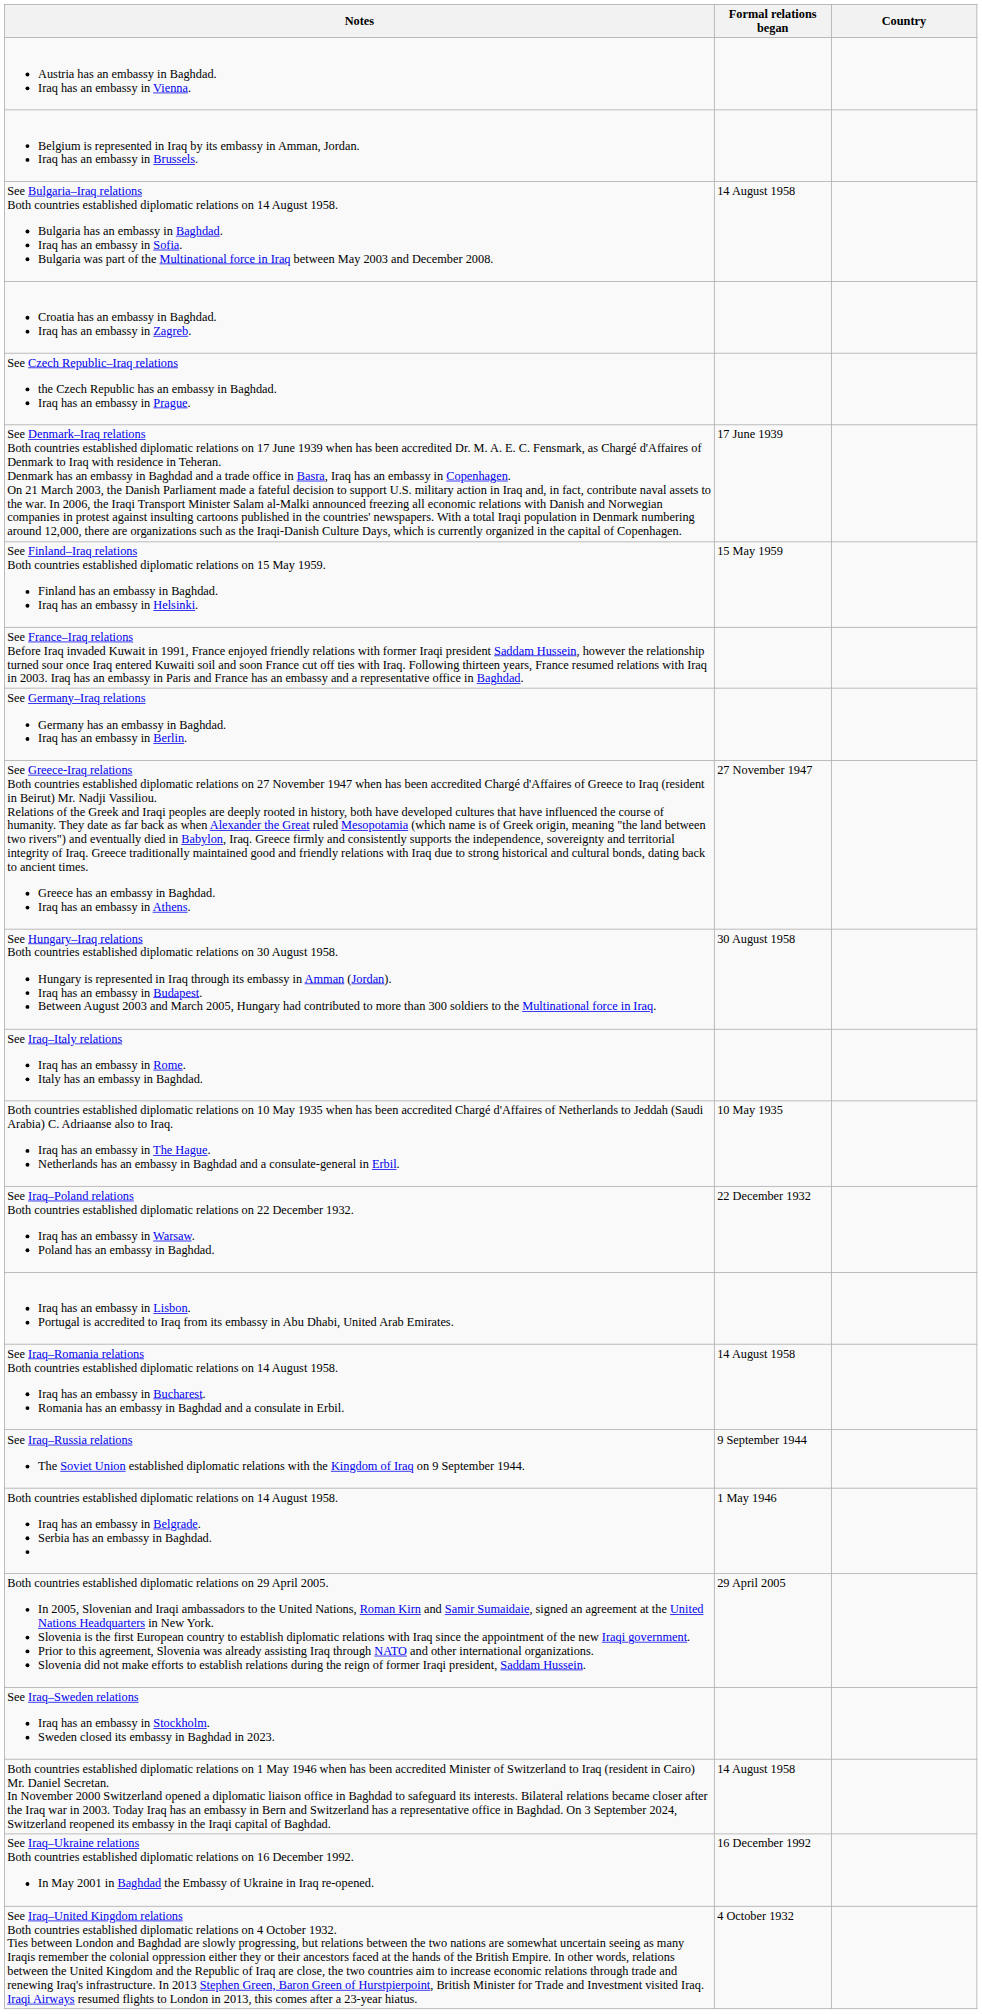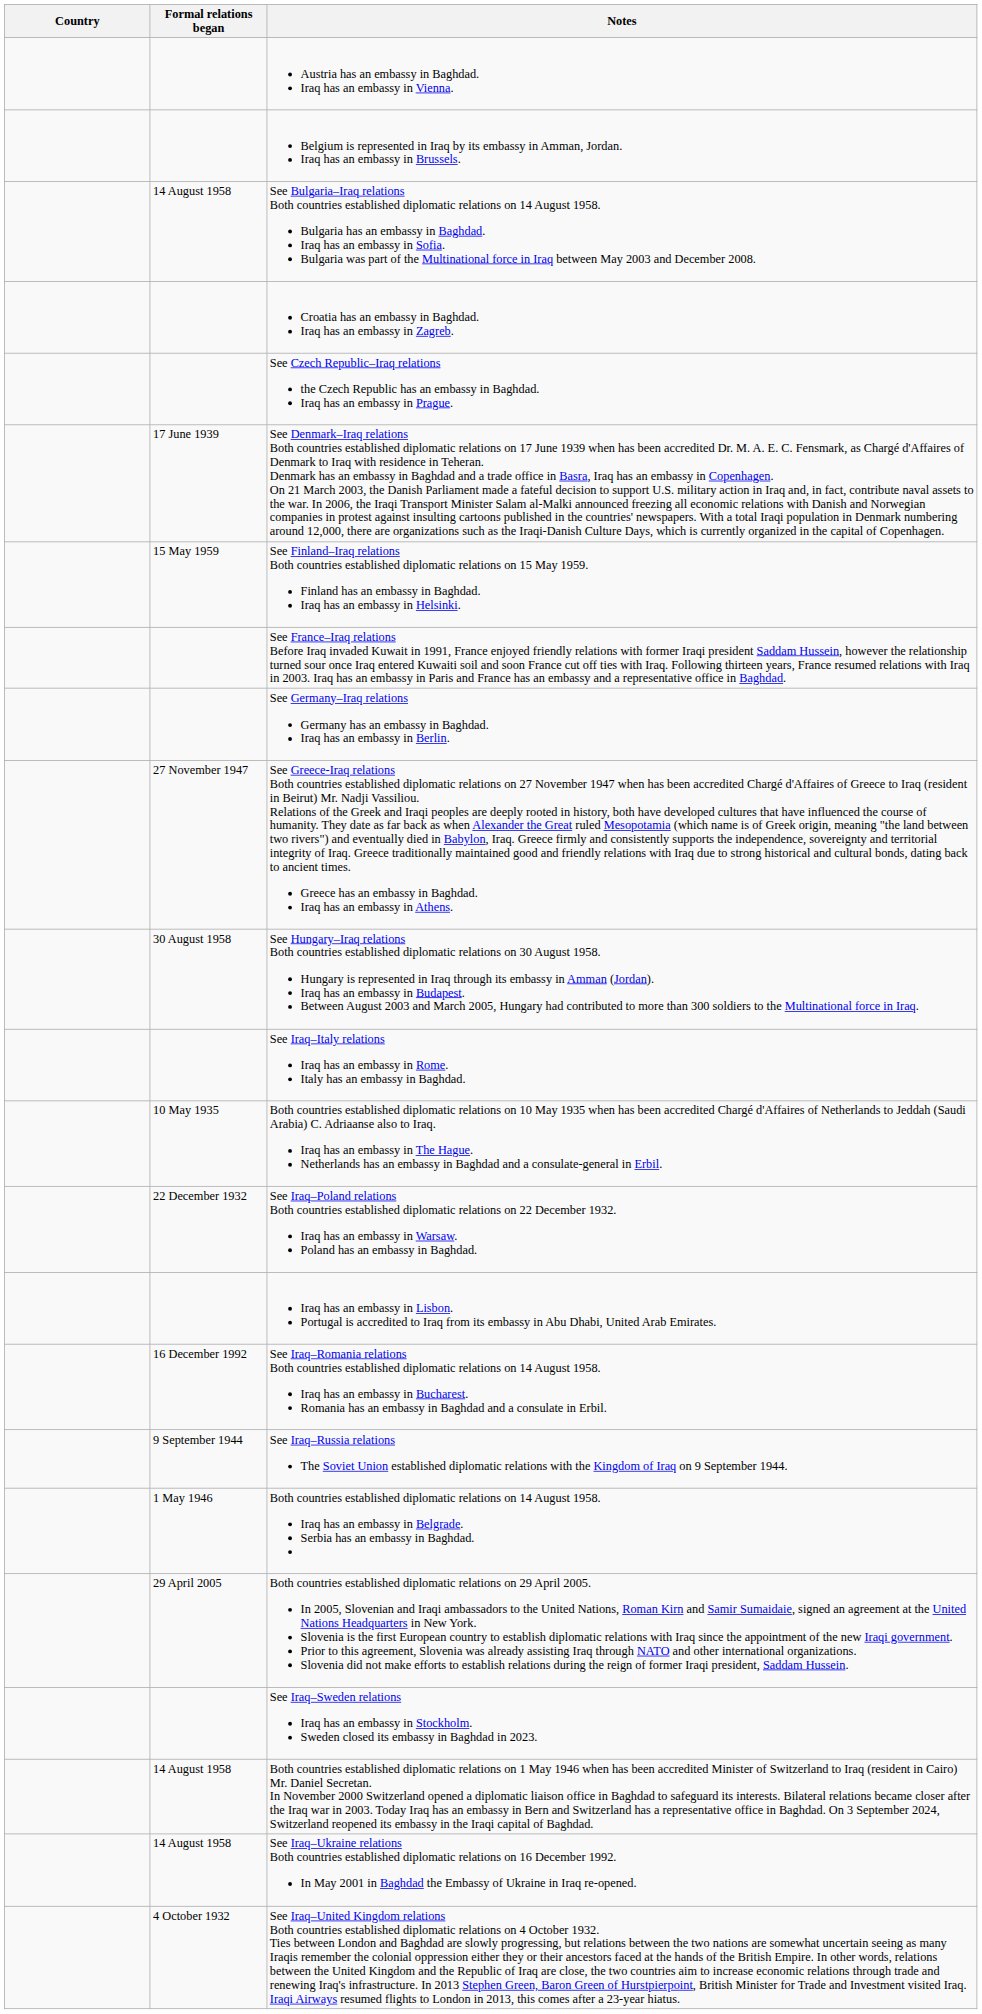 <table class="wikitable sortable" border="1" style="width:100%; margin:auto;">
 <tr>
+<th width="15%">Country</th>
+<th width="12%">Formal relations began</th>
 <th>Notes</th>
-<th width="12%">Formal relations began</th>
-<th width="15%">Country</th>
 </tr>
 <tr valign="top">
-<td><br><ul><li>Austria has an embassy in Baghdad.</li><li>Iraq has an embassy in <a href='#'>Vienna</a>.</li></ul></td>
 <td></td>
 <td></td>
+<td><br><ul><li>Austria has an embassy in Baghdad.</li><li>Iraq has an embassy in <a href='#'>Vienna</a>.</li></ul></td>
 </tr>
 <tr valign="top">
-<td><br><ul><li>Belgium is represented in Iraq by its embassy in Amman, Jordan.</li><li>Iraq has an embassy in <a href='#'>Brussels</a>.</li></ul></td>
 <td></td>
 <td></td>
+<td><br><ul><li>Belgium is represented in Iraq by its embassy in Amman, Jordan.</li><li>Iraq has an embassy in <a href='#'>Brussels</a>.</li></ul></td>
 </tr>
 <tr valign="top">
+<td></td>
+<td>14 August 1958</td>
 <td>See <a href='#'>Bulgaria–Iraq relations</a><br>Both countries established diplomatic relations on 14 August 1958.<ul><li>Bulgaria has an embassy in <a href='#'>Baghdad</a>.</li><li>Iraq has an embassy in <a href='#'>Sofia</a>.</li><li>Bulgaria was part of the <a href='#'>Multinational force in Iraq</a> between May 2003 and December 2008.</li></ul></td>
-<td>14 August 1958</td>
-<td></td>
 </tr>
 <tr valign="top">
-<td><br><ul><li>Croatia has an embassy in Baghdad.</li><li>Iraq has an embassy in <a href='#'>Zagreb</a>.</li></ul></td>
 <td></td>
 <td></td>
+<td><br><ul><li>Croatia has an embassy in Baghdad.</li><li>Iraq has an embassy in <a href='#'>Zagreb</a>.</li></ul></td>
 </tr>
 <tr valign="top">
-<td>See <a href='#'>Czech Republic–Iraq relations</a><br><ul><li>the Czech Republic has an embassy in Baghdad.</li><li>Iraq has an embassy in <a href='#'>Prague</a>.</li></ul></td>
 <td></td>
 <td></td>
+<td>See <a href='#'>Czech Republic–Iraq relations</a><br><ul><li>the Czech Republic has an embassy in Baghdad.</li><li>Iraq has an embassy in <a href='#'>Prague</a>.</li></ul></td>
 </tr>
 <tr valign="top">
+<td></td>
+<td>17 June 1939</td>
 <td>See <a href='#'>Denmark–Iraq relations</a><br>Both countries established diplomatic relations on 17 June 1939 when has been accredited  Dr. M. A. E. C. Fensmark, as Chargé d'Affaires of Denmark to Iraq with residence in Teheran.<br>Denmark has an embassy in Baghdad and a trade office in <a href='#'>Basra</a>, Iraq has an embassy in <a href='#'>Copenhagen</a>.<br>On 21 March 2003, the Danish Parliament made a fateful decision to support U.S. military action in Iraq and, in fact, contribute naval assets to the war. In 2006, the Iraqi Transport Minister Salam al-Malki announced freezing all economic relations with Danish and Norwegian companies in protest against insulting cartoons published in the countries' newspapers. With a total Iraqi population in Denmark numbering around 12,000, there are organizations such as the Iraqi-Danish Culture Days, which is currently organized in the capital of Copenhagen.</td>
-<td>17 June 1939</td>
-<td></td>
 </tr>
 <tr valign="top">
+<td></td>
+<td>15 May 1959</td>
 <td>See <a href='#'>Finland–Iraq relations</a><br>Both countries established diplomatic relations on 15 May 1959.<ul><li>Finland has an embassy in Baghdad.</li><li>Iraq has an embassy in <a href='#'>Helsinki</a>.</li></ul></td>
-<td>15 May 1959</td>
-<td></td>
 </tr>
 <tr valign="top">
-<td>See <a href='#'>France–Iraq relations</a><br>Before Iraq invaded Kuwait in 1991, France enjoyed friendly relations with former Iraqi president <a href='#'>Saddam Hussein</a>, however the relationship turned sour once Iraq entered Kuwaiti soil and soon France cut off ties with Iraq. Following thirteen years, France resumed relations with Iraq in 2003. Iraq has an embassy in Paris and France has an embassy and a representative office in <a href='#'>Baghdad</a>.</td>
 <td></td>
 <td></td>
+<td>See <a href='#'>France–Iraq relations</a><br>Before Iraq invaded Kuwait in 1991, France enjoyed friendly relations with former Iraqi president <a href='#'>Saddam Hussein</a>, however the relationship turned sour once Iraq entered Kuwaiti soil and soon France cut off ties with Iraq. Following thirteen years, France resumed relations with Iraq in 2003. Iraq has an embassy in Paris and France has an embassy and a representative office in <a href='#'>Baghdad</a>.</td>
 </tr>
 <tr valign="top">
-<td>See <a href='#'>Germany–Iraq relations</a><br><ul><li>Germany has an embassy in Baghdad.</li><li>Iraq has an embassy in <a href='#'>Berlin</a>.</li></ul></td>
 <td></td>
 <td></td>
+<td>See <a href='#'>Germany–Iraq relations</a><br><ul><li>Germany has an embassy in Baghdad.</li><li>Iraq has an embassy in <a href='#'>Berlin</a>.</li></ul></td>
 </tr>
 <tr valign="top">
+<td></td>
+<td>27 November 1947</td>
 <td>See <a href='#'>Greece-Iraq relations</a><br>Both countries established diplomatic relations on 27 November 1947 when has been accredited Chargé d'Affaires of Greece to Iraq (resident in Beirut) Mr. Nadji Vassiliou.<br>Relations of the Greek and Iraqi peoples are deeply rooted in history, both have developed cultures that have influenced the course of humanity. They date as far back as when <a href='#'>Alexander the Great</a> ruled <a href='#'>Mesopotamia</a> (which name is of Greek origin, meaning "the land between two rivers") and eventually died in <a href='#'>Babylon</a>, Iraq. Greece firmly and consistently supports the independence, sovereignty and territorial integrity of Iraq. Greece traditionally maintained good and friendly relations with Iraq due to strong historical and cultural bonds, dating back to ancient times.<ul><li>Greece has an embassy in Baghdad.</li><li>Iraq has an embassy in <a href='#'>Athens</a>.</li></ul></td>
-<td>27 November 1947</td>
-<td></td>
 </tr>
 <tr valign="top">
+<td></td>
+<td>30 August 1958</td>
 <td>See <a href='#'>Hungary–Iraq relations</a><br>Both countries established diplomatic relations on 30 August 1958.<ul><li>Hungary is represented in Iraq through its embassy in <a href='#'>Amman</a> (<a href='#'>Jordan</a>).</li><li>Iraq has an embassy in <a href='#'>Budapest</a>.</li><li>Between August 2003 and March 2005, Hungary had contributed to more than 300 soldiers to the <a href='#'>Multinational force in Iraq</a>.</li></ul></td>
-<td>30 August 1958</td>
-<td></td>
 </tr>
 <tr valign="top">
-<td>See <a href='#'>Iraq–Italy relations</a><br><ul><li>Iraq has an embassy in <a href='#'>Rome</a>.</li><li>Italy has an embassy in Baghdad.</li></ul></td>
 <td></td>
 <td></td>
+<td>See <a href='#'>Iraq–Italy relations</a><br><ul><li>Iraq has an embassy in <a href='#'>Rome</a>.</li><li>Italy has an embassy in Baghdad.</li></ul></td>
 </tr>
 <tr valign="top">
+<td></td>
+<td>10 May 1935</td>
 <td>Both countries established diplomatic relations on 10 May 1935 when has been accredited Chargé d'Affaires of Netherlands to Jeddah (Saudi Arabia) C. Adriaanse also to Iraq.<br><ul><li>Iraq has an embassy in <a href='#'>The Hague</a>.</li><li>Netherlands has an embassy in Baghdad and a consulate-general in <a href='#'>Erbil</a>.</li></ul></td>
-<td>10 May 1935</td>
-<td></td>
 </tr>
 <tr valign="top">
+<td></td>
+<td>22 December 1932</td>
 <td>See <a href='#'>Iraq–Poland relations</a><br>Both countries established diplomatic relations on 22 December 1932.<ul><li>Iraq has an embassy in <a href='#'>Warsaw</a>.</li><li>Poland has an embassy in Baghdad.</li></ul></td>
-<td>22 December 1932</td>
-<td></td>
 </tr>
 <tr valign="top">
-<td><br><ul><li>Iraq has an embassy in <a href='#'>Lisbon</a>.</li><li>Portugal is accredited to Iraq from its embassy in Abu Dhabi, United Arab Emirates.</li></ul></td>
 <td></td>
 <td></td>
+<td><br><ul><li>Iraq has an embassy in <a href='#'>Lisbon</a>.</li><li>Portugal is accredited to Iraq from its embassy in Abu Dhabi, United Arab Emirates.</li></ul></td>
 </tr>
 <tr valign="top">
+<td></td>
+<td>16 December 1992</td>
 <td>See <a href='#'>Iraq–Romania relations</a><br>Both countries established diplomatic relations on 14 August 1958.<ul><li>Iraq has an embassy in <a href='#'>Bucharest</a>.</li><li>Romania has an embassy in Baghdad and a consulate in Erbil.</li></ul></td>
-<td>14 August 1958</td>
-<td></td>
 </tr>
 <tr valign="top">
+<td></td>
+<td>9 September 1944</td>
 <td>See <a href='#'>Iraq–Russia relations</a><br><ul><li>The <a href='#'>Soviet Union</a> established diplomatic relations with the <a href='#'>Kingdom of Iraq</a> on 9 September 1944.</li></ul></td>
-<td>9 September 1944</td>
-<td></td>
 </tr>
 <tr valign="top">
+<td></td>
+<td>1 May 1946</td>
 <td>Both countries established diplomatic relations on 14 August 1958.<br><ul><li>Iraq has an embassy in <a href='#'>Belgrade</a>.</li><li>Serbia has an embassy in Baghdad.</li><li> </li></ul></td>
-<td>1 May 1946</td>
-<td></td>
 </tr>
 <tr valign="top">
+<td></td>
+<td>29 April 2005</td>
 <td>Both countries established diplomatic relations on 29 April 2005.<br><ul><li>In 2005, Slovenian and Iraqi ambassadors to the United Nations, <a href='#'>Roman Kirn</a> and <a href='#'>Samir Sumaidaie</a>, signed an agreement at the <a href='#'>United Nations Headquarters</a> in New York.</li><li>Slovenia is the first European country to establish diplomatic relations with Iraq since the appointment of the new <a href='#'>Iraqi government</a>.</li><li>Prior to this agreement, Slovenia was already assisting Iraq through <a href='#'>NATO</a> and other international organizations.</li><li>Slovenia did not make efforts to establish relations during the reign of former Iraqi president, <a href='#'>Saddam Hussein</a>.</li></ul></td>
-<td>29 April 2005</td>
-<td></td>
 </tr>
 <tr valign="top">
-<td>See <a href='#'>Iraq–Sweden relations</a><br><ul><li>Iraq has an embassy in <a href='#'>Stockholm</a>.</li><li>Sweden closed its embassy in Baghdad in 2023.</li></ul></td>
 <td></td>
 <td></td>
+<td>See <a href='#'>Iraq–Sweden relations</a><br><ul><li>Iraq has an embassy in <a href='#'>Stockholm</a>.</li><li>Sweden closed its embassy in Baghdad in 2023.</li></ul></td>
 </tr>
 <tr valign="top">
+<td></td>
+<td>14 August 1958</td>
 <td>Both countries established diplomatic relations on 1 May 1946 when has been accredited Minister of Switzerland to Iraq (resident in Cairo) Mr. Daniel Secretan.<br>In November 2000 Switzerland opened a diplomatic liaison office in Baghdad to safeguard its interests. Bilateral relations became closer after the Iraq war in 2003. Today Iraq has an embassy in Bern and Switzerland has a representative office in Baghdad. On 3 September 2024, Switzerland reopened its embassy in the Iraqi capital of Baghdad.</td>
-<td>14 August 1958</td>
-<td></td>
 </tr>
 <tr valign="top">
+<td></td>
+<td>14 August 1958</td>
 <td>See <a href='#'>Iraq–Ukraine relations</a><br>Both countries established diplomatic relations on 16 December 1992.<ul><li>In May 2001 in <a href='#'>Baghdad</a> the Embassy of Ukraine in Iraq re-opened.</li></ul></td>
-<td>16 December 1992</td>
-<td></td>
 </tr>
 <tr valign="top">
+<td></td>
+<td>4 October 1932</td>
 <td>See <a href='#'>Iraq–United Kingdom relations</a><br>Both countries established diplomatic relations on 4 October 1932.<br>Ties between London and Baghdad are slowly progressing, but relations between the two nations are somewhat uncertain seeing as many Iraqis remember the colonial oppression either they or their ancestors faced at the hands of the British Empire. In other words, relations between the United Kingdom and the Republic of Iraq are close, the two countries aim to increase economic relations through trade and renewing Iraq's infrastructure. In 2013 <a href='#'>Stephen Green, Baron Green of Hurstpierpoint</a>, British Minister for Trade and Investment visited Iraq. <a href='#'>Iraqi Airways</a> resumed flights to London in 2013, this comes after a 23-year hiatus.</td>
-<td>4 October 1932</td>
-<td></td>
 </tr>
 </table>
